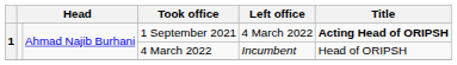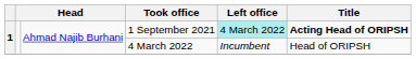 <table class="wikitable sortable">
 <tr>
 <th></th>
 <th colspan="2">Head</th>
 <th>Took office</th>
 <th>Left office</th>
 <th>Title</th>
 </tr>
 <tr>
 <th rowspan="2">1</th>
 <td rowspan="2"></td>
 <td rowspan="2"><a href='#'>Ahmad Najib Burhani</a></td>
 <td align="center">1 September 2021</td>
-<td align="center">4 March 2022</td>
+<td align="center" style="background: paleturquoise;">4 March 2022</td>
 <td align="center"><strong>Acting Head of ORIPSH</strong></td>
 </tr>
 <tr>
 <td>4 March 2022</td>
 <td><em>Incumbent</em></td>
 <td>Head of ORIPSH</td>
 </tr>
 <tr>
 </tr>
 </table>
